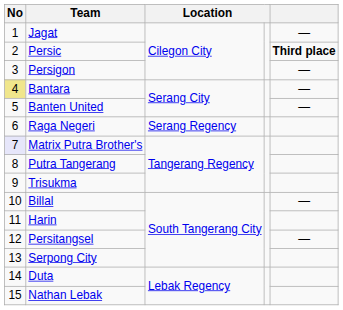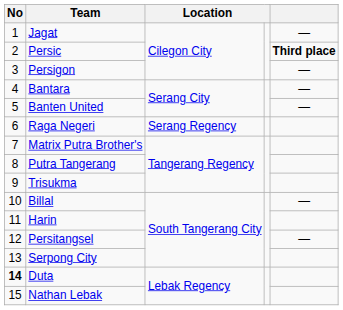 <table class="wikitable sortable" style="font-size:100%;">
 <tr>
 <th>No</th>
 <th>Team</th>
 <th colspan="2">Location</th>
 <th></th>
 </tr>
 <tr>
 <td align="center">1</td>
 <td><a href='#'>Jagat</a></td>
 <td rowspan="3"><a href='#'>Cilegon City</a></td>
 <td rowspan="3"></td>
 <td align="center">—</td>
 </tr>
 <tr>
 <td align="center">2</td>
 <td><a href='#'>Persic</a></td>
 <td align="center"><strong>Third place</strong></td>
 </tr>
 <tr>
 <td align="center">3</td>
 <td><a href='#'>Persigon</a></td>
 <td align="center">—</td>
 </tr>
 <tr>
-<td align="center" style="background: khaki;">4</td>
+<td align="center">4</td>
 <td><a href='#'>Bantara</a></td>
 <td rowspan="2"><a href='#'>Serang City</a></td>
 <td rowspan="2"></td>
 <td align="center">—</td>
 </tr>
 <tr>
 <td align="center">5</td>
 <td><a href='#'>Banten United</a></td>
 <td align="center">—</td>
 </tr>
 <tr>
 <td align="center">6</td>
 <td><a href='#'>Raga Negeri</a></td>
 <td><a href='#'>Serang Regency</a></td>
 <td></td>
 <td align="center"></td>
 </tr>
 <tr>
-<td align="center" style="background: lavender;">7</td>
+<td align="center">7</td>
 <td><a href='#'>Matrix Putra Brother's</a></td>
 <td rowspan="3"><a href='#'>Tangerang Regency</a></td>
 <td rowspan="3"></td>
 <td align="center"></td>
 </tr>
 <tr>
 <td align="center">8</td>
 <td><a href='#'>Putra Tangerang</a></td>
 <td align="center"></td>
 </tr>
 <tr>
 <td align="center">9</td>
 <td><a href='#'>Trisukma</a></td>
 <td align="center"></td>
 </tr>
 <tr>
 <td align="center">10</td>
 <td><a href='#'>Billal</a></td>
 <td rowspan="4"><a href='#'>South Tangerang City</a></td>
 <td rowspan="4"></td>
 <td align="center">—</td>
 </tr>
 <tr>
 <td align="center">11</td>
 <td><a href='#'>Harin</a></td>
 <td align="center"></td>
 </tr>
 <tr>
 <td align="center">12</td>
 <td><a href='#'>Persitangsel</a></td>
 <td align="center">—</td>
 </tr>
 <tr>
 <td align="center">13</td>
 <td><a href='#'>Serpong City</a></td>
 <td align="center"></td>
 </tr>
 <tr>
-<td align="center">14</td>
+<td align="center"><strong>14</strong></td>
 <td><a href='#'>Duta</a></td>
 <td rowspan="2"><a href='#'>Lebak Regency</a></td>
 <td rowspan="2"></td>
 <td align="center"></td>
 </tr>
 <tr>
 <td align="center">15</td>
 <td><a href='#'>Nathan Lebak</a></td>
 <td align="center"></td>
 </tr>
 </table>
